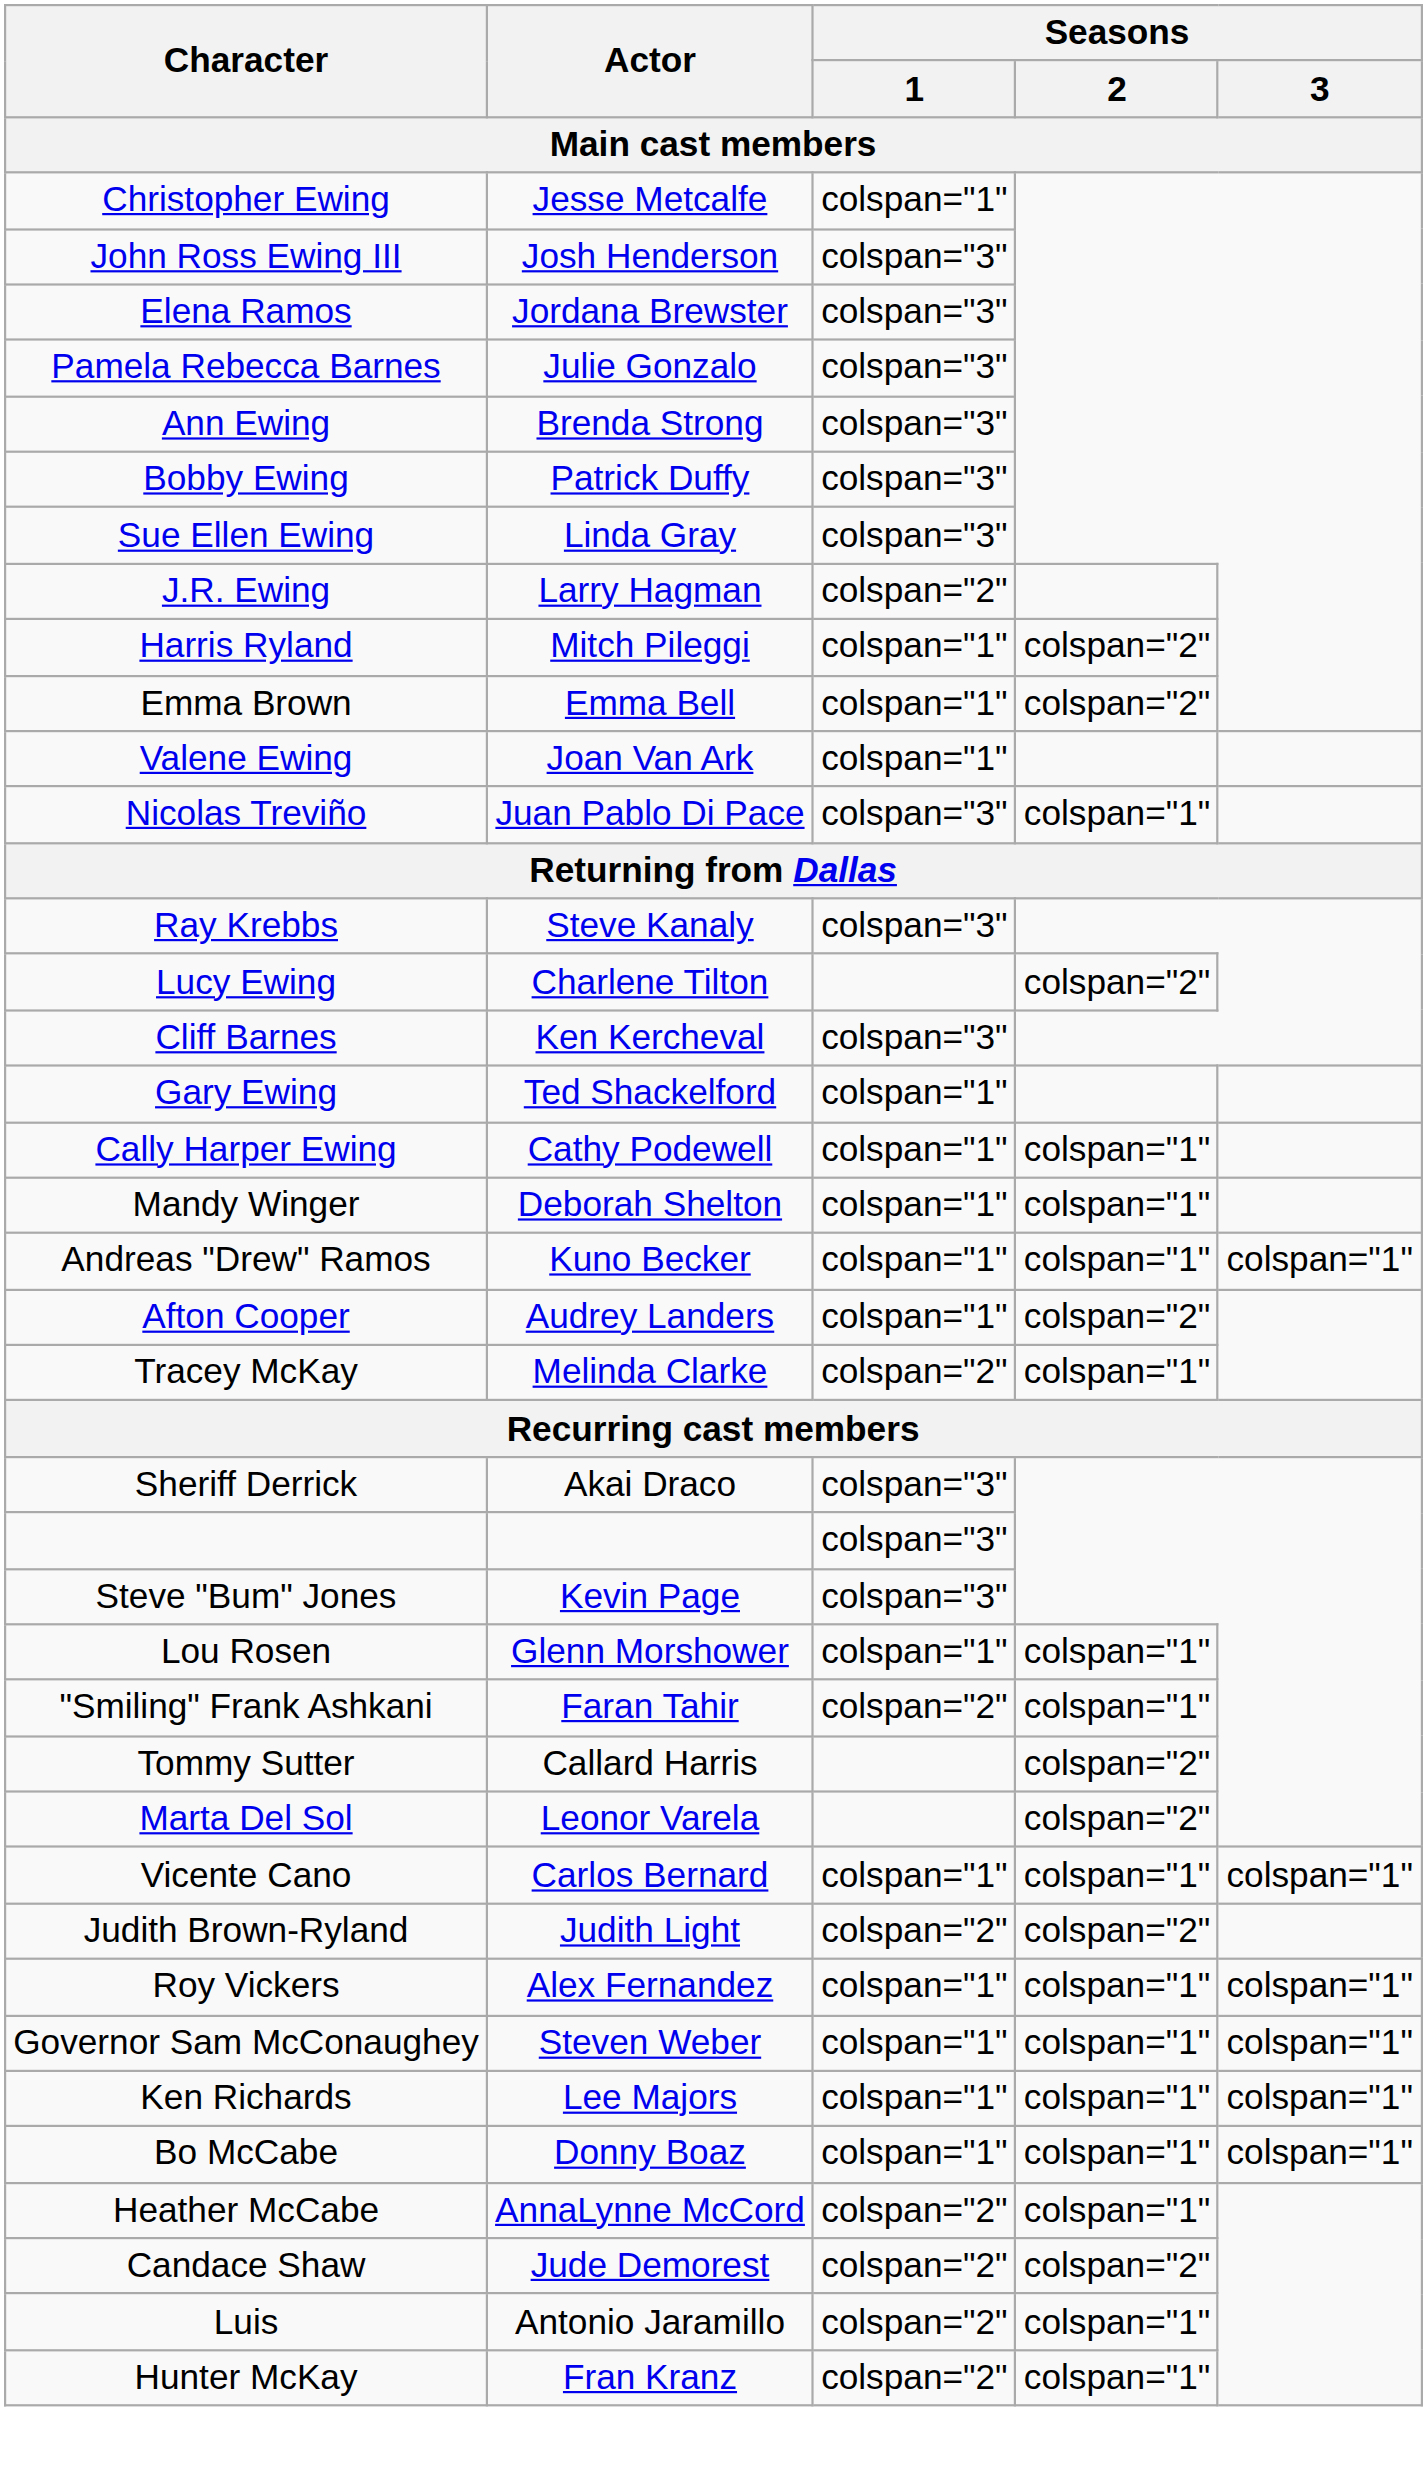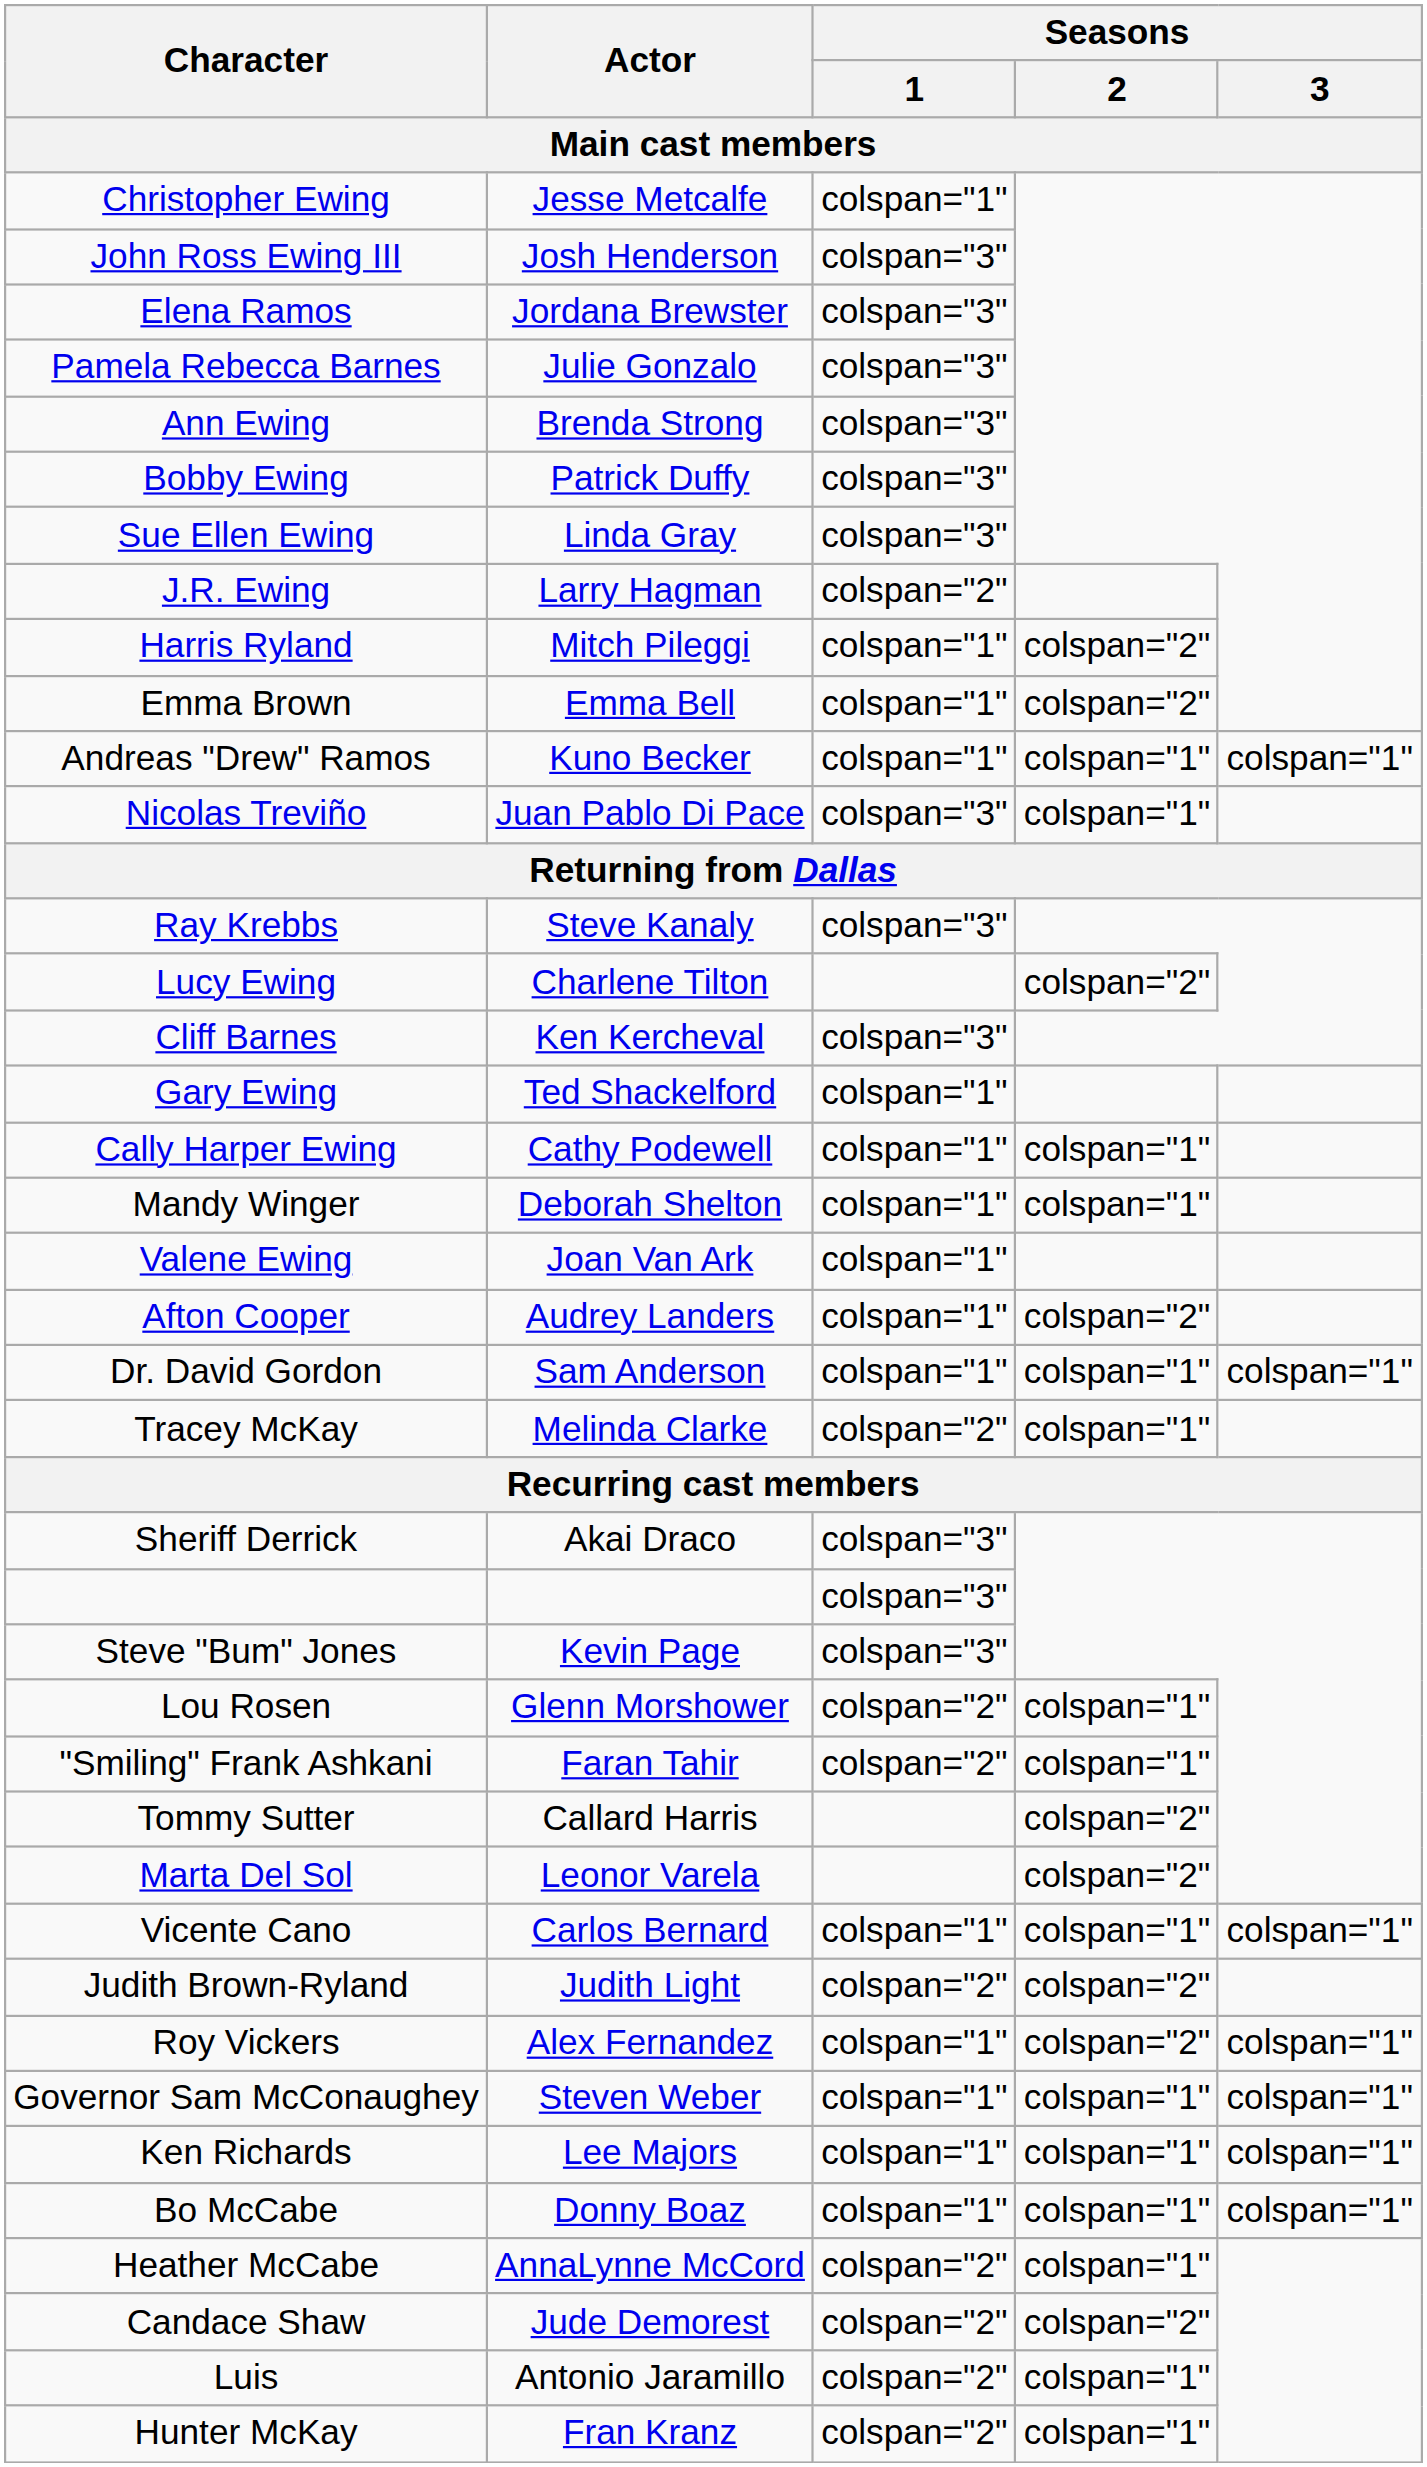 <table class="wikitable sortable" style="text-align:center">
 <tr>
 <th rowspan="2">Character</th>
 <th rowspan="2">Actor</th>
 <th colspan="3">Seasons</th>
 </tr>
 <tr>
 <th>1</th>
 <th>2</th>
 <th>3</th>
 </tr>
 <tr>
 <th colspan="5">Main cast members</th>
 </tr>
 <tr>
 <td><a href='#'>Christopher Ewing</a></td>
 <td><a href='#'>Jesse Metcalfe</a></td>
 <td>colspan="1" </td>
 </tr>
 <tr>
 <td><a href='#'>John Ross Ewing III</a></td>
 <td><a href='#'>Josh Henderson</a></td>
 <td>colspan="3" </td>
 </tr>
 <tr>
 <td><a href='#'>Elena Ramos</a></td>
 <td><a href='#'>Jordana Brewster</a></td>
 <td>colspan="3" </td>
 </tr>
 <tr>
 <td><a href='#'>Pamela Rebecca Barnes</a></td>
 <td><a href='#'>Julie Gonzalo</a></td>
 <td>colspan="3" </td>
 </tr>
 <tr>
 <td><a href='#'>Ann Ewing</a></td>
 <td><a href='#'>Brenda Strong</a></td>
 <td>colspan="3" </td>
 </tr>
 <tr>
 <td><a href='#'>Bobby Ewing</a></td>
 <td><a href='#'>Patrick Duffy</a></td>
 <td>colspan="3" </td>
 </tr>
 <tr>
 <td><a href='#'>Sue Ellen Ewing</a></td>
 <td><a href='#'>Linda Gray</a></td>
 <td>colspan="3" </td>
 </tr>
 <tr>
 <td><a href='#'>J.R. Ewing</a></td>
 <td><a href='#'>Larry Hagman</a></td>
 <td>colspan="2" </td>
 <td></td>
 </tr>
 <tr>
 <td><a href='#'>Harris Ryland</a></td>
 <td><a href='#'>Mitch Pileggi</a></td>
 <td>colspan="1" </td>
 <td>colspan="2" </td>
 </tr>
 <tr>
 <td>Emma Brown</td>
 <td><a href='#'>Emma Bell</a></td>
 <td>colspan="1" </td>
 <td>colspan="2" </td>
 </tr>
 <tr>
-<td><a href='#'>Valene Ewing</a></td>
-<td><a href='#'>Joan Van Ark</a></td>
+<td>Andreas "Drew" Ramos</td>
+<td><a href='#'>Kuno Becker</a></td>
 <td>colspan="1" </td>
-<td></td>
-<td></td>
+<td>colspan="1" </td>
+<td>colspan="1" </td>
 </tr>
 <tr>
 <td><a href='#'>Nicolas Treviño</a></td>
 <td><a href='#'>Juan Pablo Di Pace</a></td>
 <td>colspan="3" </td>
 <td>colspan="1" </td>
 </tr>
 <tr>
 <th colspan="5">Returning from <em><a href='#'>Dallas</a></em></th>
 </tr>
 <tr>
 <td><a href='#'>Ray Krebbs</a></td>
 <td><a href='#'>Steve Kanaly</a></td>
 <td>colspan="3" </td>
 </tr>
 <tr>
 <td><a href='#'>Lucy Ewing</a></td>
 <td><a href='#'>Charlene Tilton</a></td>
 <td></td>
 <td>colspan="2" </td>
 </tr>
 <tr>
 <td><a href='#'>Cliff Barnes</a></td>
 <td><a href='#'>Ken Kercheval</a></td>
 <td>colspan="3" </td>
 </tr>
 <tr>
 <td><a href='#'>Gary Ewing</a></td>
 <td><a href='#'>Ted Shackelford</a></td>
 <td>colspan="1" </td>
 <td></td>
 <td></td>
 </tr>
 <tr>
 <td><a href='#'>Cally Harper Ewing</a></td>
 <td><a href='#'>Cathy Podewell</a></td>
 <td>colspan="1" </td>
 <td>colspan="1" </td>
 <td></td>
 </tr>
 <tr>
 <td>Mandy Winger</td>
 <td><a href='#'>Deborah Shelton</a></td>
 <td>colspan="1" </td>
 <td>colspan="1" </td>
 <td></td>
 </tr>
 <tr>
-<td>Andreas "Drew" Ramos</td>
-<td><a href='#'>Kuno Becker</a></td>
+<td><a href='#'>Valene Ewing</a></td>
+<td><a href='#'>Joan Van Ark</a></td>
 <td>colspan="1" </td>
-<td>colspan="1" </td>
-<td>colspan="1" </td>
+<td></td>
+<td></td>
 </tr>
 <tr>
 <td><a href='#'>Afton Cooper</a></td>
 <td><a href='#'>Audrey Landers</a></td>
 <td>colspan="1" </td>
 <td>colspan="2" </td>
+</tr>
+<tr>
+<td>Dr. David Gordon</td>
+<td><a href='#'>Sam Anderson</a></td>
+<td>colspan="1" </td>
+<td>colspan="1" </td>
+<td>colspan="1" </td>
 </tr>
 <tr>
 <td>Tracey McKay</td>
 <td><a href='#'>Melinda Clarke</a></td>
 <td>colspan="2" </td>
 <td>colspan="1" </td>
 </tr>
 <tr>
 <th colspan="5">Recurring cast members</th>
 </tr>
 <tr>
 <td>Sheriff Derrick</td>
 <td>Akai Draco</td>
 <td>colspan="3" </td>
 </tr>
 <tr>
 <td></td>
 <td></td>
 <td>colspan="3" </td>
 </tr>
 <tr>
 <td>Steve "Bum" Jones</td>
 <td><a href='#'>Kevin Page</a></td>
 <td>colspan="3" </td>
 </tr>
 <tr>
 <td>Lou Rosen</td>
 <td><a href='#'>Glenn Morshower</a></td>
-<td>colspan="1" </td>
+<td>colspan="2" </td>
 <td>colspan="1" </td>
 </tr>
 <tr>
 <td>"Smiling" Frank Ashkani</td>
 <td><a href='#'>Faran Tahir</a></td>
 <td>colspan="2" </td>
 <td>colspan="1" </td>
 </tr>
 <tr>
 <td>Tommy Sutter</td>
 <td>Callard Harris</td>
 <td></td>
 <td>colspan="2" </td>
 </tr>
 <tr>
 <td><a href='#'>Marta Del Sol</a></td>
 <td><a href='#'>Leonor Varela</a></td>
 <td></td>
 <td>colspan="2" </td>
 </tr>
 <tr>
 <td>Vicente Cano</td>
 <td><a href='#'>Carlos Bernard</a></td>
 <td>colspan="1" </td>
 <td>colspan="1" </td>
 <td>colspan="1" </td>
 </tr>
 <tr>
 <td>Judith Brown-Ryland</td>
 <td><a href='#'>Judith Light</a></td>
 <td>colspan="2" </td>
 <td>colspan="2" </td>
 </tr>
 <tr>
 <td>Roy Vickers</td>
 <td><a href='#'>Alex Fernandez</a></td>
 <td>colspan="1" </td>
-<td>colspan="1" </td>
+<td>colspan="2" </td>
 <td>colspan="1" </td>
 </tr>
 <tr>
 <td>Governor Sam McConaughey</td>
 <td><a href='#'>Steven Weber</a></td>
 <td>colspan="1" </td>
 <td>colspan="1" </td>
 <td>colspan="1" </td>
 </tr>
 <tr>
 <td>Ken Richards</td>
 <td><a href='#'>Lee Majors</a></td>
 <td>colspan="1" </td>
 <td>colspan="1" </td>
 <td>colspan="1" </td>
 </tr>
 <tr>
 <td>Bo McCabe</td>
 <td><a href='#'>Donny Boaz</a></td>
 <td>colspan="1" </td>
 <td>colspan="1" </td>
 <td>colspan="1" </td>
 </tr>
 <tr>
 <td>Heather McCabe</td>
 <td><a href='#'>AnnaLynne McCord</a></td>
 <td>colspan="2" </td>
 <td>colspan="1" </td>
 </tr>
 <tr>
 <td>Candace Shaw</td>
 <td><a href='#'>Jude Demorest</a></td>
 <td>colspan="2" </td>
 <td>colspan="2" </td>
 </tr>
 <tr>
 <td>Luis</td>
 <td>Antonio Jaramillo</td>
 <td>colspan="2" </td>
 <td>colspan="1" </td>
 </tr>
 <tr>
 <td>Hunter McKay</td>
 <td><a href='#'>Fran Kranz</a></td>
 <td>colspan="2" </td>
 <td>colspan="1" </td>
 </tr>
 </table>
